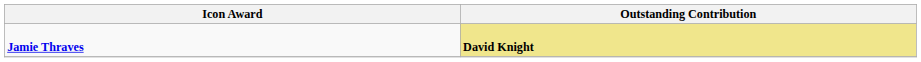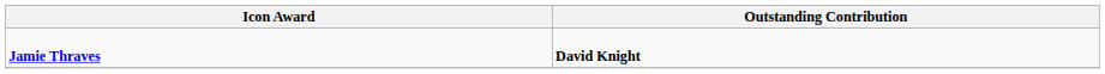 <table class="wikitable" style="width:95%">
 <tr bgcolor="#bebebe">
 <th width="50%">Icon Award</th>
 <th width="50%">Outstanding Contribution</th>
 </tr>
 <tr>
 <td valign="top"><br><strong><a href='#'>Jamie Thraves</a></strong></td>
-<td valign="top" style="background: khaki;"><br><strong>David Knight</strong></td>
+<td valign="top"><br><strong>David Knight</strong></td>
 </tr>
 <tr>
 </tr>
 </table>
